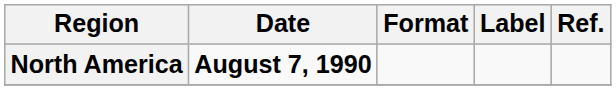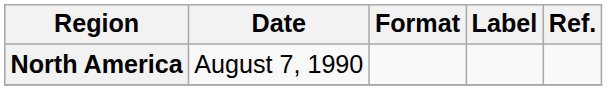 <table class="wikitable plainrowheaders">
 <tr>
 <th scope="col">Region</th>
 <th scope="col">Date</th>
 <th scope="col">Format</th>
 <th scope="col">Label</th>
 <th scope="col">Ref.</th>
 </tr>
 <tr>
 <th scope="row">North America</th>
-<td><strong>August 7, 1990</strong></td>
+<td>August 7, 1990</td>
 <td></td>
 <td></td>
 <td></td>
 </tr>
 <tr>
 </tr>
 </table>
